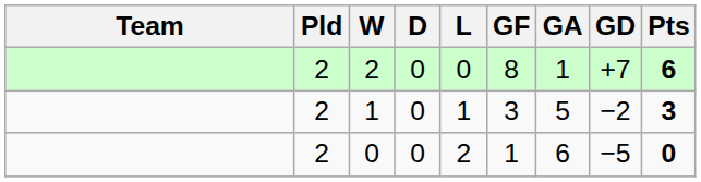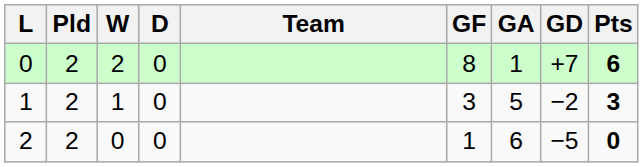 <table class="wikitable" style="text-align:center;">
 <tr>
-<th width=165>Team</th>
+<th width=20>L</th>
 <th width=20>Pld</th>
 <th width=20>W</th>
 <th width=20>D</th>
-<th width=20>L</th>
+<th width=165>Team</th>
 <th width=20>GF</th>
 <th width=20>GA</th>
 <th width=20>GD</th>
 <th width=20>Pts</th>
 </tr>
 <tr style="background:#ccffcc;">
-<td style="text-align:left;"></td>
+<td>0</td>
 <td>2</td>
 <td>2</td>
 <td>0</td>
-<td>0</td>
+<td style="text-align:left;"></td>
 <td>8</td>
 <td>1</td>
 <td>+7</td>
 <td><strong>6</strong></td>
 </tr>
 <tr>
-<td style="text-align:left;"></td>
+<td>1</td>
 <td>2</td>
 <td>1</td>
 <td>0</td>
-<td>1</td>
+<td style="text-align:left;"></td>
 <td>3</td>
 <td>5</td>
 <td>−2</td>
 <td><strong>3</strong></td>
 </tr>
 <tr>
-<td style="text-align:left;"></td>
+<td>2</td>
 <td>2</td>
 <td>0</td>
 <td>0</td>
-<td>2</td>
+<td style="text-align:left;"></td>
 <td>1</td>
 <td>6</td>
 <td>−5</td>
 <td><strong>0</strong></td>
 </tr>
 </table>
